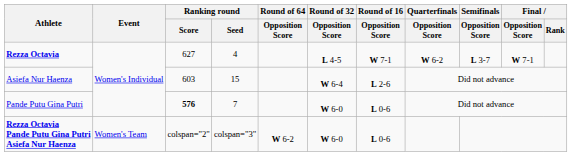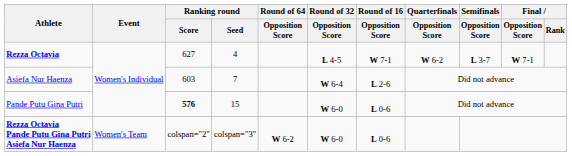 <table class=wikitable style=font-size:88%;text-align:center>
 <tr>
 <th rowspan=2>Athlete</th>
 <th rowspan=2>Event</th>
 <th colspan=2>Ranking round</th>
 <th>Round of 64</th>
 <th>Round of 32</th>
 <th>Round of 16</th>
 <th>Quarterfinals</th>
 <th>Semifinals</th>
 <th colspan=2>Final / </th>
 </tr>
 <tr style=font-size:95%>
 <th>Score</th>
 <th>Seed</th>
 <th>Opposition<br>Score</th>
 <th>Opposition<br>Score</th>
 <th>Opposition<br>Score</th>
 <th>Opposition<br>Score</th>
 <th>Opposition<br>Score</th>
 <th>Opposition<br>Score</th>
 <th>Rank</th>
 </tr>
 <tr>
 <td align=left><strong><a href='#'>Rezza Octavia</a></strong></td>
 <td align=left rowspan=3><a href='#'>Women's Individual</a></td>
 <td>627</td>
 <td>4</td>
 <td></td>
 <td><br><strong>L</strong> 4-5</td>
 <td><br><strong>W</strong> 7-1</td>
 <td><br><strong>W</strong> 6-2</td>
 <td><br><strong>L</strong> 3-7</td>
 <td><br><strong>W</strong> 7-1</td>
 <td></td>
 </tr>
 <tr>
 <td align=left><a href='#'>Asiefa Nur Haenza</a></td>
 <td>603</td>
-<td>15</td>
+<td>7</td>
 <td></td>
 <td><br><strong>W</strong> 6-4</td>
 <td><br><strong>L</strong> 2-6</td>
 <td colspan="5">Did not advance</td>
 </tr>
 <tr>
 <td align=left><a href='#'>Pande Putu Gina Putri</a></td>
 <td><strong>576</strong></td>
-<td>7</td>
+<td>15</td>
 <td></td>
 <td><br><strong>W</strong> 6-0</td>
 <td><br><strong>L</strong> 0-6</td>
 <td colspan="5">Did not advance</td>
 </tr>
 <tr>
 <td align=left><strong><a href='#'>Rezza Octavia</a><br><a href='#'>Pande Putu Gina Putri</a><br><a href='#'>Asiefa Nur Haenza</a></strong></td>
 <td align=left><a href='#'>Women's Team</a></td>
 <td>colspan="2" </td>
 <td>colspan="3" </td>
 <td><br><strong>W</strong> 6-2</td>
 <td><br><strong>W</strong> 6-0</td>
 <td><br><strong>L</strong> 0-6</td>
 <td></td>
 </tr>
 </table>
